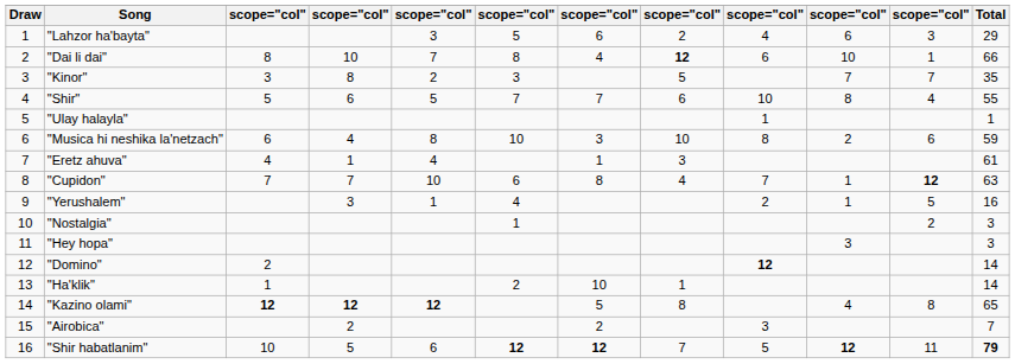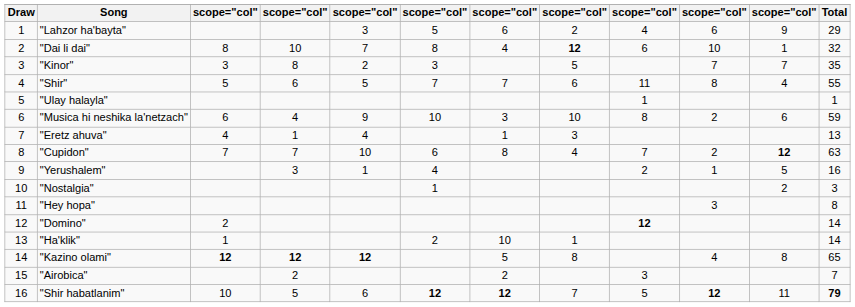 <table class="wikitable plainrowheaders" style="margin: 1em auto 1em auto; text-align:center;">
 <tr>
 </tr>
 <tr>
 <th scope="col">Draw</th>
 <th scope="col">Song</th>
 <th>scope="col" </th>
 <th>scope="col" </th>
 <th>scope="col" </th>
 <th>scope="col" </th>
 <th>scope="col" </th>
 <th>scope="col" </th>
 <th>scope="col" </th>
 <th>scope="col" </th>
 <th>scope="col" </th>
 <th scope="col">Total</th>
 </tr>
 <tr>
 <td>1</td>
 <td align="left">"Lahzor ha'bayta"</td>
 <td></td>
 <td></td>
 <td>3</td>
 <td>5</td>
 <td>6</td>
 <td>2</td>
 <td>4</td>
 <td>6</td>
-<td>3</td>
+<td>9</td>
 <td>29</td>
 </tr>
 <tr>
 <td>2</td>
 <td align="left">"Dai li dai"</td>
 <td>8</td>
 <td>10</td>
 <td>7</td>
 <td>8</td>
 <td>4</td>
 <td><strong>12</strong></td>
 <td>6</td>
 <td>10</td>
 <td>1</td>
-<td>66</td>
+<td>32</td>
 </tr>
 <tr>
 <td>3</td>
 <td align="left">"Kinor"</td>
 <td>3</td>
 <td>8</td>
 <td>2</td>
 <td>3</td>
 <td></td>
 <td>5</td>
 <td></td>
 <td>7</td>
 <td>7</td>
 <td>35</td>
 </tr>
 <tr>
 <td>4</td>
 <td align="left">"Shir"</td>
 <td>5</td>
 <td>6</td>
 <td>5</td>
 <td>7</td>
 <td>7</td>
 <td>6</td>
-<td>10</td>
+<td>11</td>
 <td>8</td>
 <td>4</td>
 <td>55</td>
 </tr>
 <tr>
 <td>5</td>
 <td align="left">"Ulay halayla"</td>
 <td></td>
 <td></td>
 <td></td>
 <td></td>
 <td></td>
 <td></td>
 <td>1</td>
 <td></td>
 <td></td>
 <td>1</td>
 </tr>
 <tr>
 <td>6</td>
 <td align="left">"Musica hi neshika la'netzach"</td>
 <td>6</td>
 <td>4</td>
-<td>8</td>
+<td>9</td>
 <td>10</td>
 <td>3</td>
 <td>10</td>
 <td>8</td>
 <td>2</td>
 <td>6</td>
 <td>59</td>
 </tr>
 <tr>
 <td>7</td>
 <td align="left">"Eretz ahuva"</td>
 <td>4</td>
 <td>1</td>
 <td>4</td>
 <td></td>
 <td>1</td>
 <td>3</td>
 <td></td>
 <td></td>
 <td></td>
-<td>61</td>
+<td>13</td>
 </tr>
 <tr>
 <td>8</td>
 <td align="left">"Cupidon"</td>
 <td>7</td>
 <td>7</td>
 <td>10</td>
 <td>6</td>
 <td>8</td>
 <td>4</td>
 <td>7</td>
-<td>1</td>
+<td>2</td>
 <td><strong>12</strong></td>
 <td>63</td>
 </tr>
 <tr>
 <td>9</td>
 <td align="left">"Yerushalem"</td>
 <td></td>
 <td>3</td>
 <td>1</td>
 <td>4</td>
 <td></td>
 <td></td>
 <td>2</td>
 <td>1</td>
 <td>5</td>
 <td>16</td>
 </tr>
 <tr>
 <td>10</td>
 <td align="left">"Nostalgia"</td>
 <td></td>
 <td></td>
 <td></td>
 <td>1</td>
 <td></td>
 <td></td>
 <td></td>
 <td></td>
 <td>2</td>
 <td>3</td>
 </tr>
 <tr>
 <td>11</td>
 <td align="left">"Hey hopa"</td>
 <td></td>
 <td></td>
 <td></td>
 <td></td>
 <td></td>
 <td></td>
 <td></td>
 <td>3</td>
 <td></td>
-<td>3</td>
+<td>8</td>
 </tr>
 <tr>
 <td>12</td>
 <td align="left">"Domino"</td>
 <td>2</td>
 <td></td>
 <td></td>
 <td></td>
 <td></td>
 <td></td>
 <td><strong>12</strong></td>
 <td></td>
 <td></td>
 <td>14</td>
 </tr>
 <tr>
 <td>13</td>
 <td align="left">"Ha'klik"</td>
 <td>1</td>
 <td></td>
 <td></td>
 <td>2</td>
 <td>10</td>
 <td>1</td>
 <td></td>
 <td></td>
 <td></td>
 <td>14</td>
 </tr>
 <tr>
 <td>14</td>
 <td align="left">"Kazino olami"</td>
 <td><strong>12</strong></td>
 <td><strong>12</strong></td>
 <td><strong>12</strong></td>
 <td></td>
 <td>5</td>
 <td>8</td>
 <td></td>
 <td>4</td>
 <td>8</td>
 <td>65</td>
 </tr>
 <tr>
 <td>15</td>
 <td align="left">"Airobica"</td>
 <td></td>
 <td>2</td>
 <td></td>
 <td></td>
 <td>2</td>
 <td></td>
 <td>3</td>
 <td></td>
 <td></td>
 <td>7</td>
 </tr>
 <tr>
 <td>16</td>
 <td align="left">"Shir habatlanim"</td>
 <td>10</td>
 <td>5</td>
 <td>6</td>
 <td><strong>12</strong></td>
 <td><strong>12</strong></td>
 <td>7</td>
 <td>5</td>
 <td><strong>12</strong></td>
 <td>11</td>
 <td><strong>79</strong></td>
 </tr>
 </table>
